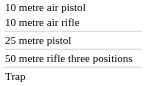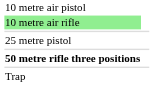 <table>
 <tr>
 <td>10 metre air pistol<br></td>
 <td></td>
 <td></td>
 <td></td>
 </tr>
 <tr>
-<td>10 metre air rifle<br></td>
+<td style="background: lightgreen;">10 metre air rifle<br></td>
 <td></td>
 <td></td>
 <td></td>
 </tr>
 <tr bgcolor=#DDDDDD>
 <td colspan=7></td>
 </tr>
 <tr>
 <td>25 metre pistol<br></td>
 <td></td>
 <td></td>
 <td></td>
 </tr>
 <tr bgcolor=#DDDDDD>
 <td colspan=7></td>
 </tr>
 <tr>
-<td>50 metre rifle three positions<br></td>
+<td><strong>50 metre rifle three positions<br></strong></td>
 <td></td>
 <td></td>
 <td></td>
 </tr>
 <tr bgcolor=#DDDDDD>
 <td colspan=7></td>
 </tr>
 <tr>
 <td>Trap<br></td>
 <td></td>
 <td></td>
 <td></td>
 </tr>
 </table>
